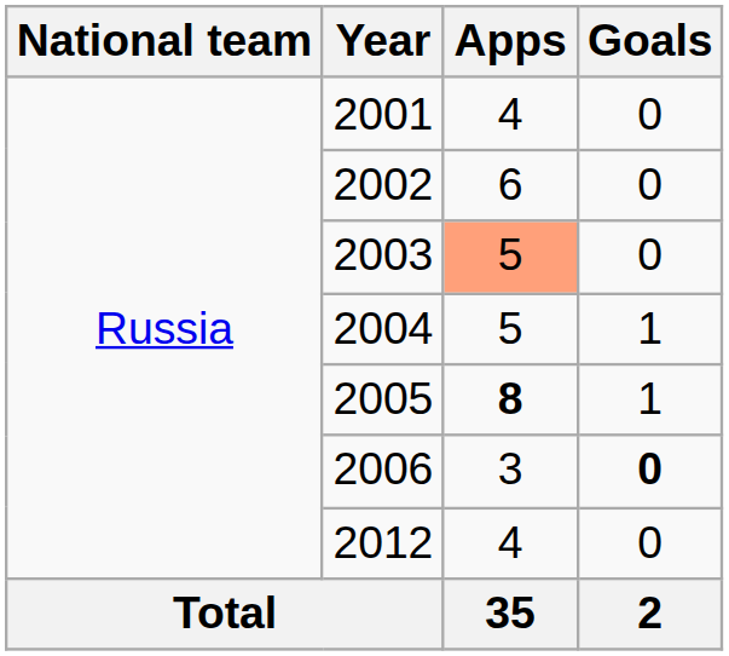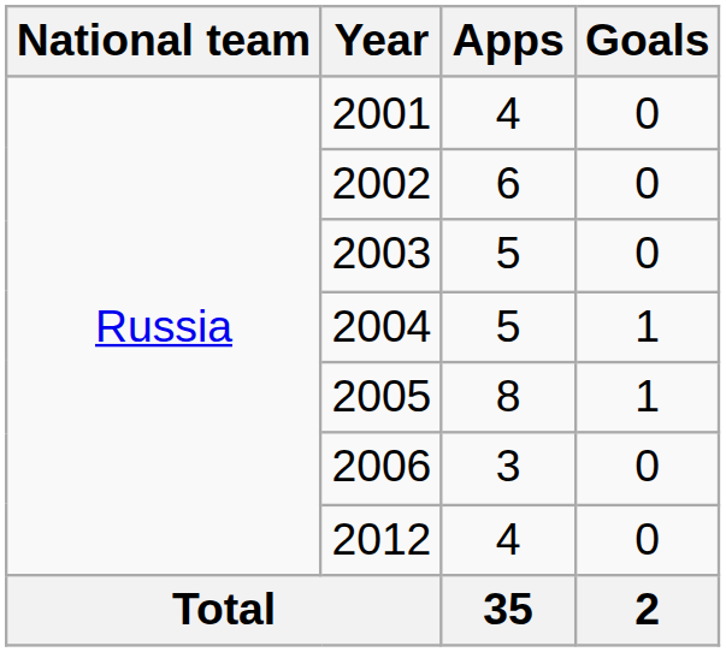 <table class="wikitable" style="text-align:center">
 <tr>
 <th>National team</th>
 <th>Year</th>
 <th>Apps</th>
 <th>Goals</th>
 </tr>
 <tr>
 <td rowspan="7"><a href='#'>Russia</a></td>
 <td>2001</td>
 <td>4</td>
 <td>0</td>
 </tr>
 <tr>
 <td>2002</td>
 <td>6</td>
 <td>0</td>
 </tr>
 <tr>
 <td>2003</td>
-<td style="background: lightsalmon;">5</td>
+<td>5</td>
 <td>0</td>
 </tr>
 <tr>
 <td>2004</td>
 <td>5</td>
 <td>1</td>
 </tr>
 <tr>
 <td>2005</td>
-<td><strong>8</strong></td>
+<td>8</td>
 <td>1</td>
 </tr>
 <tr>
 <td>2006</td>
 <td>3</td>
-<td><strong>0</strong></td>
+<td>0</td>
 </tr>
 <tr>
 <td>2012</td>
 <td>4</td>
 <td>0</td>
 </tr>
 <tr>
 <th colspan="2">Total</th>
 <th>35</th>
 <th>2</th>
 </tr>
 </table>
